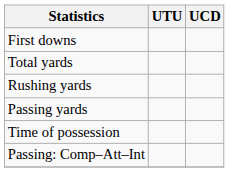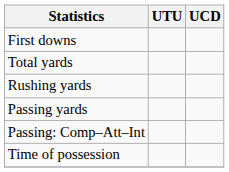 <table class="wikitable" style="float: left;">
 <tr>
 <th>Statistics</th>
 <th>UTU</th>
 <th>UCD</th>
 </tr>
 <tr>
 <td>First downs</td>
 <td></td>
 <td></td>
 </tr>
 <tr>
 <td>Total yards</td>
 <td></td>
 <td></td>
 </tr>
 <tr>
 <td>Rushing yards</td>
 <td></td>
 <td></td>
 </tr>
 <tr>
 <td>Passing yards</td>
 <td></td>
 <td></td>
 </tr>
 <tr>
-<td>Time of possession</td>
+<td>Passing: Comp–Att–Int</td>
 <td></td>
 <td></td>
 </tr>
 <tr>
-<td>Passing: Comp–Att–Int</td>
+<td>Time of possession</td>
 <td></td>
 <td></td>
 </tr>
 <tr>
 </tr>
 </table>
